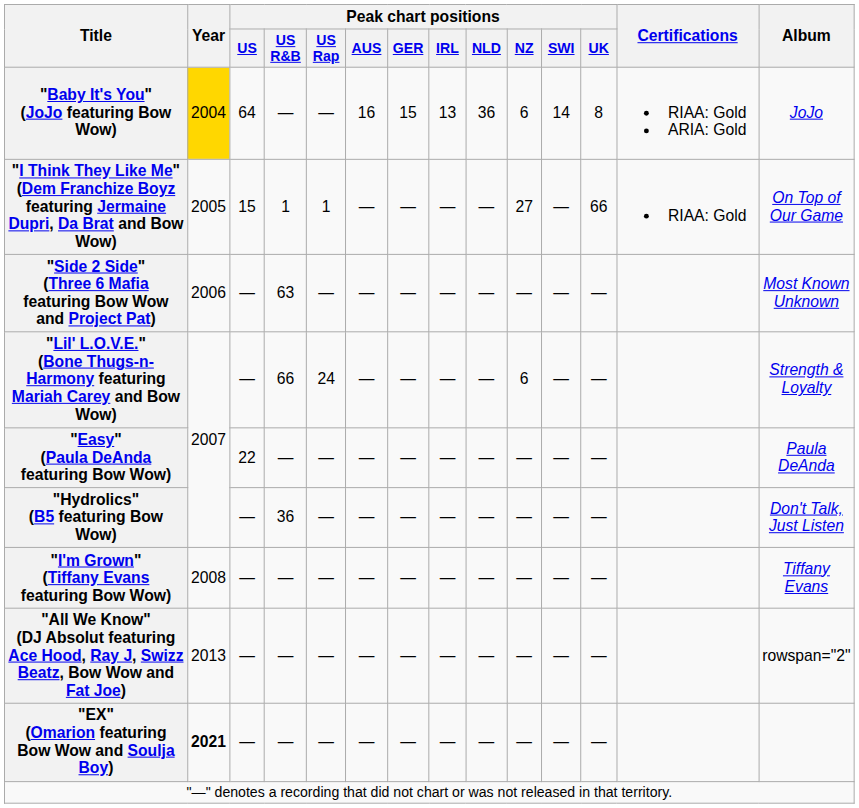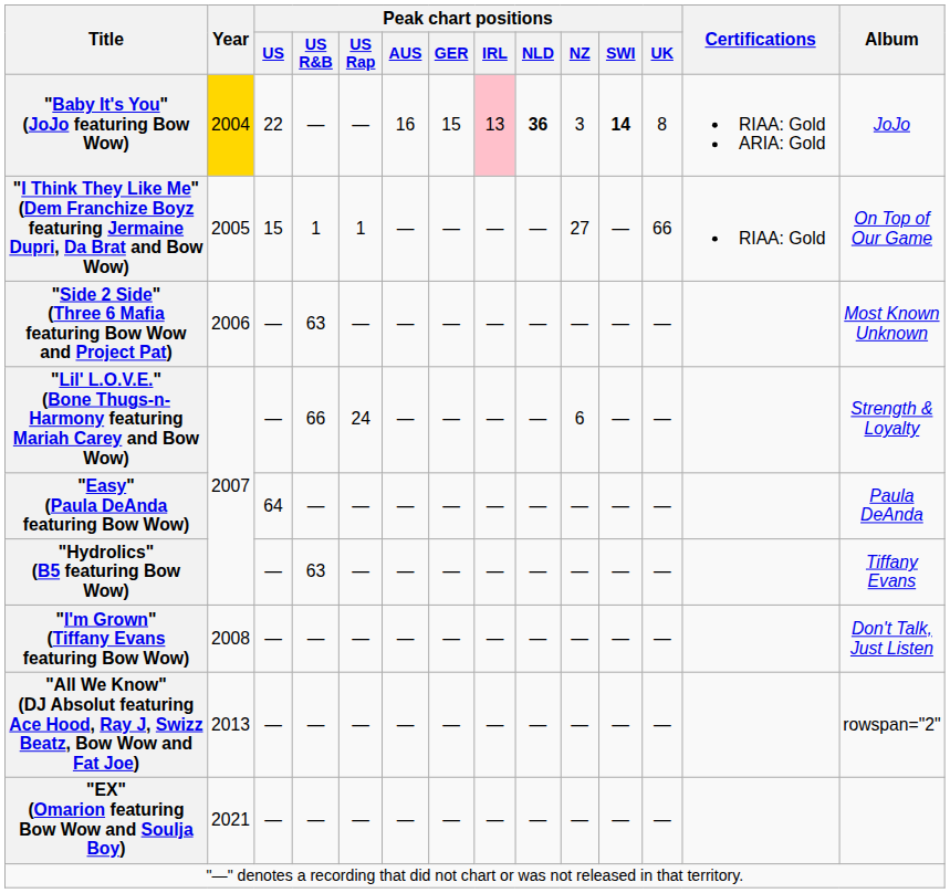 <table class="wikitable plainrowheaders" style="text-align:center;">
 <tr>
 <th scope="col" rowspan="2" style="width:20em;">Title</th>
 <th scope="col" rowspan="2">Year</th>
 <th scope="col" colspan="10">Peak chart positions</th>
 <th scope="col" rowspan="2" style="width:12em;"><a href='#'>Certifications</a></th>
 <th scope="col" rowspan="2">Album</th>
 </tr>
 <tr>
 <th style="width:3em; font-size:90%"><a href='#'>US</a><br></th>
 <th style="width:3em; font-size:90%"><a href='#'>US R&B</a><br></th>
 <th style="width:3em; font-size:90%"><a href='#'>US Rap</a><br></th>
 <th style="width:3em; font-size:90%"><a href='#'>AUS</a><br></th>
 <th style="width:3em; font-size:90%"><a href='#'>GER</a><br></th>
 <th style="width:3em; font-size:90%"><a href='#'>IRL</a><br></th>
 <th style="width:3em; font-size:90%"><a href='#'>NLD</a><br></th>
 <th style="width:3em; font-size:90%"><a href='#'>NZ</a><br></th>
 <th style="width:3em; font-size:90%"><a href='#'>SWI</a><br></th>
 <th style="width:3em; font-size:90%"><a href='#'>UK</a><br></th>
 </tr>
 <tr>
 <th scope="row">"<a href='#'>Baby It's You</a>"<br><span>(<a href='#'>JoJo</a> featuring Bow Wow)</span></th>
 <td style="background: gold;">2004</td>
-<td>64</td>
+<td>22</td>
 <td>—</td>
 <td>—</td>
 <td>16</td>
 <td>15</td>
-<td>13</td>
-<td>36</td>
-<td>6</td>
-<td>14</td>
+<td style="background: pink;">13</td>
+<td><strong>36</strong></td>
+<td>3</td>
+<td><strong>14</strong></td>
 <td>8</td>
 <td><br><ul><li>RIAA: Gold</li><li>ARIA: Gold</li></ul></td>
 <td><em><a href='#'>JoJo</a></em></td>
 </tr>
 <tr>
 <th scope="row">"<a href='#'>I Think They Like Me</a>"<br><span>(<a href='#'>Dem Franchize Boyz</a> featuring <a href='#'>Jermaine Dupri</a>, <a href='#'>Da Brat</a> and Bow Wow)</span></th>
 <td>2005</td>
 <td>15</td>
 <td>1</td>
 <td>1</td>
 <td>—</td>
 <td>—</td>
 <td>—</td>
 <td>—</td>
 <td>27</td>
 <td>—</td>
 <td>66</td>
 <td><br><ul><li>RIAA: Gold</li></ul></td>
 <td><em><a href='#'>On Top of Our Game</a></em></td>
 </tr>
 <tr>
 <th scope="row">"<a href='#'>Side 2 Side</a>"<br><span>(<a href='#'>Three 6 Mafia</a> featuring Bow Wow and <a href='#'>Project Pat</a>)</span></th>
 <td>2006</td>
 <td>—</td>
 <td>63</td>
 <td>—</td>
 <td>—</td>
 <td>—</td>
 <td>—</td>
 <td>—</td>
 <td>—</td>
 <td>—</td>
 <td>—</td>
 <td></td>
 <td><em><a href='#'>Most Known Unknown</a></em></td>
 </tr>
 <tr>
 <th scope="row">"<a href='#'>Lil' L.O.V.E.</a>"<br><span>(<a href='#'>Bone Thugs-n-Harmony</a> featuring <a href='#'>Mariah Carey</a> and Bow Wow)</span></th>
 <td rowspan="3">2007</td>
 <td>—</td>
 <td>66</td>
 <td>24</td>
 <td>—</td>
 <td>—</td>
 <td>—</td>
 <td>—</td>
 <td>6</td>
 <td>—</td>
 <td>—</td>
 <td></td>
 <td><em><a href='#'>Strength & Loyalty</a></em></td>
 </tr>
 <tr>
 <th scope="row">"<a href='#'>Easy</a>"<br><span>(<a href='#'>Paula DeAnda</a> featuring Bow Wow)</span></th>
-<td>22</td>
+<td>64</td>
 <td>—</td>
 <td>—</td>
 <td>—</td>
 <td>—</td>
 <td>—</td>
 <td>—</td>
 <td>—</td>
 <td>—</td>
 <td>—</td>
 <td></td>
 <td><em><a href='#'>Paula DeAnda</a></em></td>
 </tr>
 <tr>
 <th scope="row">"Hydrolics"<br><span>(<a href='#'>B5</a> featuring Bow Wow)</span></th>
 <td>—</td>
-<td>36</td>
+<td>63</td>
 <td>—</td>
 <td>—</td>
 <td>—</td>
 <td>—</td>
 <td>—</td>
 <td>—</td>
 <td>—</td>
 <td>—</td>
 <td></td>
-<td><em><a href='#'>Don't Talk, Just Listen</a></em></td>
+<td><em><a href='#'>Tiffany Evans</a></em></td>
 </tr>
 <tr>
 <th scope="row">"<a href='#'>I'm Grown</a>"<br><span>(<a href='#'>Tiffany Evans</a> featuring Bow Wow)</span></th>
 <td>2008</td>
 <td>—</td>
 <td>—</td>
 <td>—</td>
 <td>—</td>
 <td>—</td>
 <td>—</td>
 <td>—</td>
 <td>—</td>
 <td>—</td>
 <td>—</td>
 <td></td>
-<td><em><a href='#'>Tiffany Evans</a></em></td>
+<td><em><a href='#'>Don't Talk, Just Listen</a></em></td>
 </tr>
 <tr>
 <th scope="row">"All We Know"<br><span>(DJ Absolut featuring <a href='#'>Ace Hood</a>, <a href='#'>Ray J</a>, <a href='#'>Swizz Beatz</a>, Bow Wow and <a href='#'>Fat Joe</a>)</span></th>
 <td>2013</td>
 <td>—</td>
 <td>—</td>
 <td>—</td>
 <td>—</td>
 <td>—</td>
 <td>—</td>
 <td>—</td>
 <td>—</td>
 <td>—</td>
 <td>—</td>
 <td></td>
 <td>rowspan="2" </td>
 </tr>
 <tr>
 <th scope="row">"EX"<br><span>(<a href='#'>Omarion</a> featuring Bow Wow and <a href='#'>Soulja Boy</a>)</span></th>
-<td><strong>2021</strong></td>
+<td>2021</td>
 <td>—</td>
 <td>—</td>
 <td>—</td>
 <td>—</td>
 <td>—</td>
 <td>—</td>
 <td>—</td>
 <td>—</td>
 <td>—</td>
 <td>—</td>
 <td></td>
 </tr>
 <tr>
 <td colspan="14" style="font-size:90%">"—" denotes a recording that did not chart or was not released in that territory.</td>
 </tr>
 </table>
